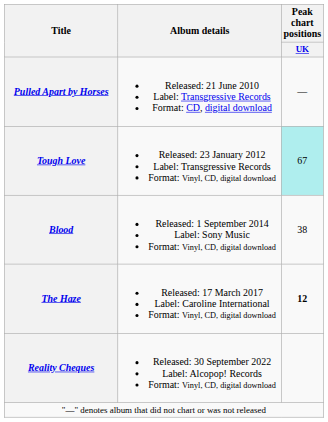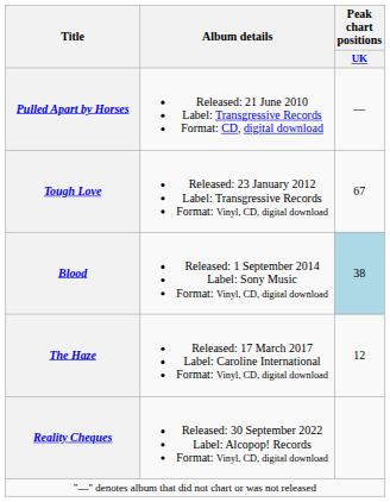 <table class="wikitable plainrowheaders" style="text-align:center;">
 <tr>
 <th scope="col" rowspan="2" style="width:11em;">Title</th>
 <th scope="col" rowspan="2" style="width:16em;">Album details</th>
 <th scope="col">Peak chart positions</th>
 </tr>
 <tr>
 <th scope="col" style="width:3em;font-size:90%;"><a href='#'>UK</a><br></th>
 </tr>
 <tr>
 <th scope="row"><em><a href='#'>Pulled Apart by Horses</a></em></th>
 <td><br><ul><li>Released: 21 June 2010</li><li>Label: <a href='#'>Transgressive Records</a></li><li>Format: <a href='#'>CD</a>, <a href='#'>digital download</a></li></ul></td>
 <td>—</td>
 </tr>
 <tr>
 <th scope="row"><em><a href='#'>Tough Love</a></em></th>
 <td><br><ul><li>Released: 23 January 2012</li><li>Label: Transgressive Records</li><li>Format: <small>Vinyl, CD, digital download</small></li></ul></td>
-<td style="background: paleturquoise;">67</td>
+<td>67</td>
 </tr>
 <tr>
 <th scope="row"><em><a href='#'>Blood</a></em></th>
 <td><br><ul><li>Released: 1 September 2014</li><li>Label: Sony Music</li><li>Format: <small>Vinyl, CD, digital download</small></li></ul></td>
-<td>38</td>
+<td style="background: lightblue;">38</td>
 </tr>
 <tr>
 <th scope="row"><em><a href='#'>The Haze</a></em></th>
 <td><br><ul><li>Released: 17 March 2017</li><li>Label: Caroline International</li><li>Format: <small>Vinyl, CD, digital download</small></li></ul></td>
-<td><strong>12</strong></td>
+<td>12</td>
 </tr>
 <tr>
 <th scope="row"><em><a href='#'>Reality Cheques</a></em></th>
 <td><br><ul><li>Released: 30 September 2022</li><li>Label: Alcopop! Records</li><li>Format: <small>Vinyl, CD, digital download</small></li></ul></td>
 <td></td>
 </tr>
 <tr>
 <td colspan="14" style="font-size:90%">"—" denotes album that did not chart or was not released</td>
 </tr>
 </table>
